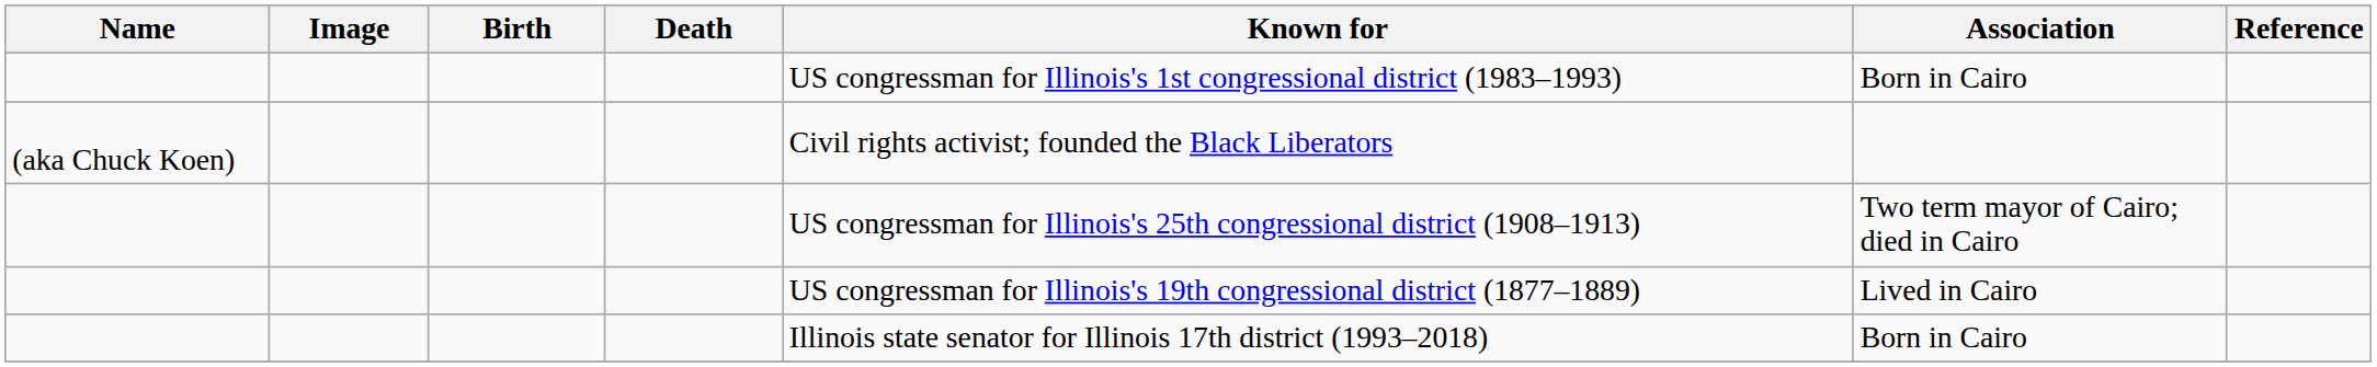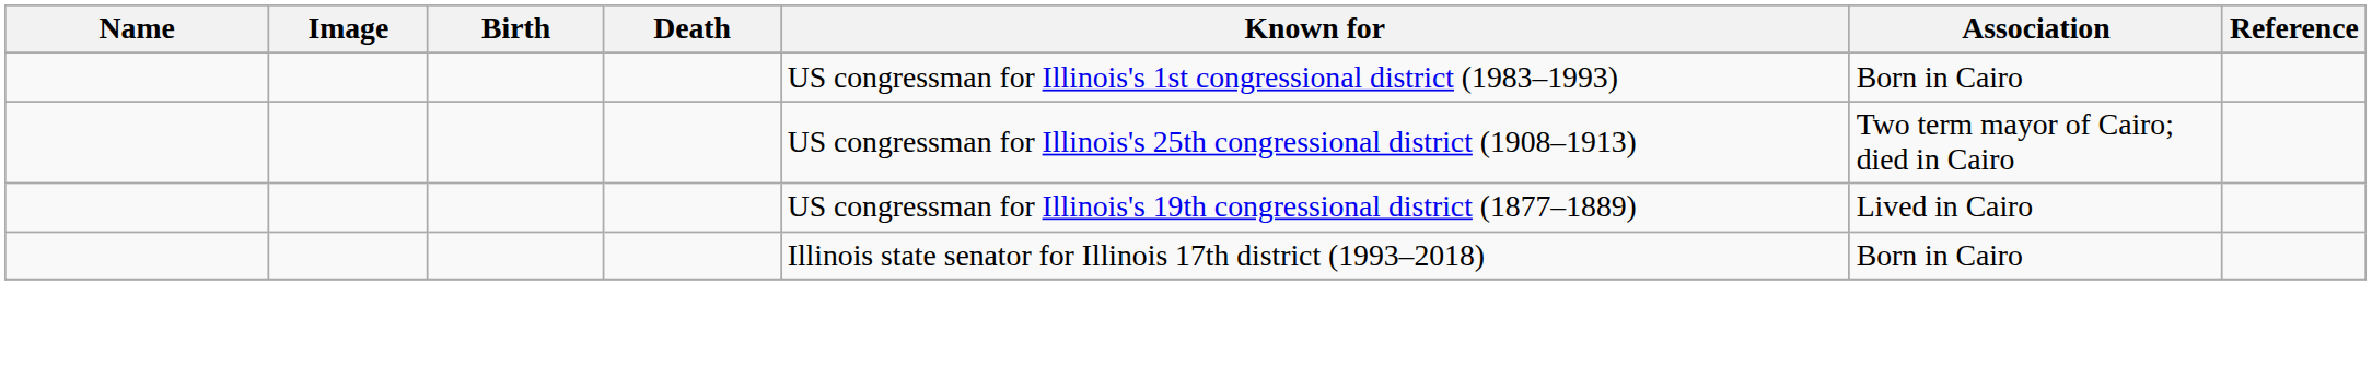 <table class="wikitable sortable">
 <tr>
 <th scope="col" width="140">Name</th>
 <th scope="col" width="80" class="unsortable">Image</th>
 <th scope="col" width="90">Birth</th>
 <th scope="col" width="90">Death</th>
 <th scope="col" width="600" class="unsortable">Known for</th>
 <th scope="col" width="200" class="unsortable">Association</th>
 <th scope="col" width="30" class="unsortable">Reference</th>
 </tr>
 <tr>
 <td></td>
 <td></td>
 <td align=right></td>
 <td align=right></td>
 <td>US congressman for <a href='#'>Illinois's 1st congressional district</a> (1983–1993)</td>
 <td>Born in Cairo</td>
-<td align="center"></td>
-</tr>
-<tr>
-<td><br>(aka Chuck Koen)</td>
-<td></td>
-<td align=right></td>
-<td align=right></td>
-<td>Civil rights activist; founded the <a href='#'>Black Liberators</a></td>
-<td></td>
 <td align="center"></td>
 </tr>
 <tr>
 <td></td>
 <td></td>
 <td align=right></td>
 <td align=right></td>
 <td>US congressman for <a href='#'>Illinois's 25th congressional district</a> (1908–1913)</td>
 <td>Two term mayor of Cairo; died in Cairo</td>
 <td align="center"></td>
 </tr>
 <tr>
 <td></td>
 <td></td>
 <td align=right></td>
 <td align=right></td>
 <td>US congressman for <a href='#'>Illinois's 19th congressional district</a> (1877–1889)</td>
 <td>Lived in Cairo</td>
 <td align="center"></td>
 </tr>
 <tr>
 <td></td>
 <td></td>
 <td align=right></td>
 <td align=right></td>
 <td>Illinois state senator for Illinois 17th district (1993–2018)</td>
 <td>Born in Cairo</td>
 <td align="center"></td>
 </tr>
 <tr>
 </tr>
 </table>
